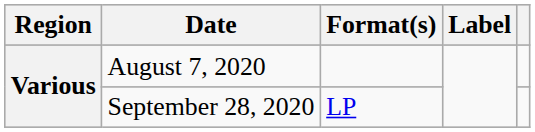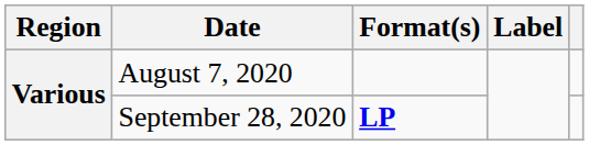 <table class="wikitable plainrowheaders">
 <tr>
 <th scope="col">Region</th>
 <th scope="col">Date</th>
 <th scope="col">Format(s)</th>
 <th scope="col">Label</th>
 <th scope="col"></th>
 </tr>
 <tr>
 <th scope="row" rowspan="2">Various</th>
 <td>August 7, 2020</td>
 <td></td>
 <td rowspan="2"></td>
 <td></td>
 </tr>
 <tr>
 <td>September 28, 2020</td>
-<td><a href='#'>LP</a></td>
+<td><strong><a href='#'>LP</a></strong></td>
 <td></td>
 </tr>
 </table>
